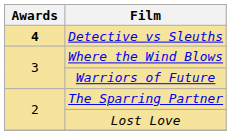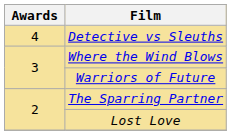 <table class="wikitable plainrowheaders" rowspan=2 style="text-align: center; background: #f6e39c">
 <tr>
 <th scope="col" style="width:55px;">Awards</th>
 <th scope="col" style="text-align:center;">Film</th>
 </tr>
 <tr>
-<td scope=row style="text-align:center"><strong>4</strong></td>
+<td scope=row style="text-align:center">4</td>
 <td><em><a href='#'>Detective vs Sleuths</a></em></td>
 </tr>
 <tr>
 <td scope=row style="text-align:center" rowspan=2>3</td>
 <td><em><a href='#'>Where the Wind Blows</a></em></td>
 </tr>
 <tr>
 <td><em><a href='#'>Warriors of Future</a></em></td>
 </tr>
 <tr>
 <td scope=row style="text-align:center" rowspan=2>2</td>
 <td><em><a href='#'>The Sparring Partner</a></em></td>
 </tr>
 <tr>
 <td><em>Lost Love</em></td>
 </tr>
 <tr>
 </tr>
 </table>
